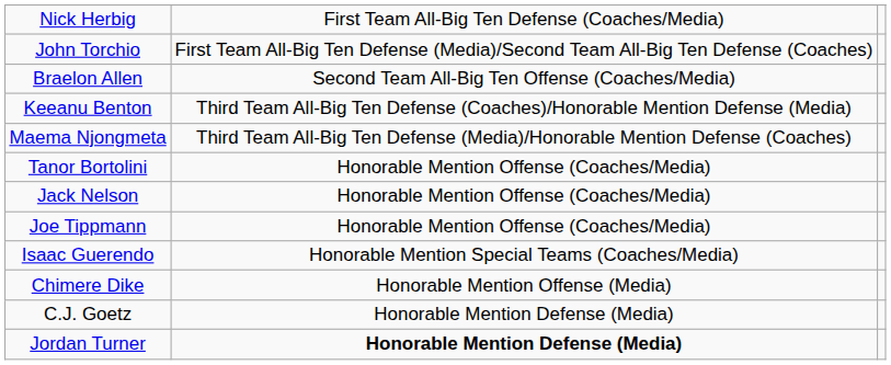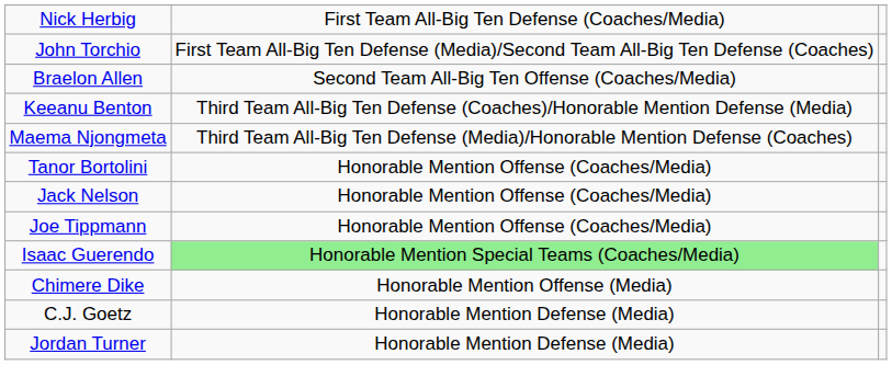 <table class="wikitable sortable sortable" style="text-align: center">
 <tr align=center>
 </tr>
 <tr>
 <td><a href='#'>Nick Herbig</a></td>
 <td>First Team All-Big Ten Defense (Coaches/Media)</td>
 <td></td>
 </tr>
 <tr>
 <td><a href='#'>John Torchio</a></td>
 <td>First Team All-Big Ten Defense (Media)/Second Team All-Big Ten Defense (Coaches)</td>
 <td></td>
 </tr>
 <tr>
 <td><a href='#'>Braelon Allen</a></td>
 <td>Second Team All-Big Ten Offense (Coaches/Media)</td>
 <td></td>
 </tr>
 <tr>
 <td><a href='#'>Keeanu Benton</a></td>
 <td>Third Team All-Big Ten Defense (Coaches)/Honorable Mention Defense (Media)</td>
 <td></td>
 </tr>
 <tr>
 <td><a href='#'>Maema Njongmeta</a></td>
 <td>Third Team All-Big Ten Defense (Media)/Honorable Mention Defense (Coaches)</td>
 <td></td>
 </tr>
 <tr>
 <td><a href='#'>Tanor Bortolini</a></td>
 <td>Honorable Mention Offense (Coaches/Media)</td>
 <td></td>
 </tr>
 <tr>
 <td><a href='#'>Jack Nelson</a></td>
 <td>Honorable Mention Offense (Coaches/Media)</td>
 <td></td>
 </tr>
 <tr>
 <td><a href='#'>Joe Tippmann</a></td>
 <td>Honorable Mention Offense (Coaches/Media)</td>
 <td></td>
 </tr>
 <tr>
 <td><a href='#'>Isaac Guerendo</a></td>
-<td>Honorable Mention Special Teams (Coaches/Media)</td>
+<td style="background: lightgreen;">Honorable Mention Special Teams (Coaches/Media)</td>
 <td></td>
 </tr>
 <tr>
 <td><a href='#'>Chimere Dike</a></td>
 <td>Honorable Mention Offense (Media)</td>
 <td></td>
 </tr>
 <tr>
 <td>C.J. Goetz</td>
 <td>Honorable Mention Defense (Media)</td>
 <td></td>
 </tr>
 <tr>
 <td><a href='#'>Jordan Turner</a></td>
-<td><strong>Honorable Mention Defense (Media)</strong></td>
+<td>Honorable Mention Defense (Media)</td>
 <td></td>
 </tr>
 </table>
